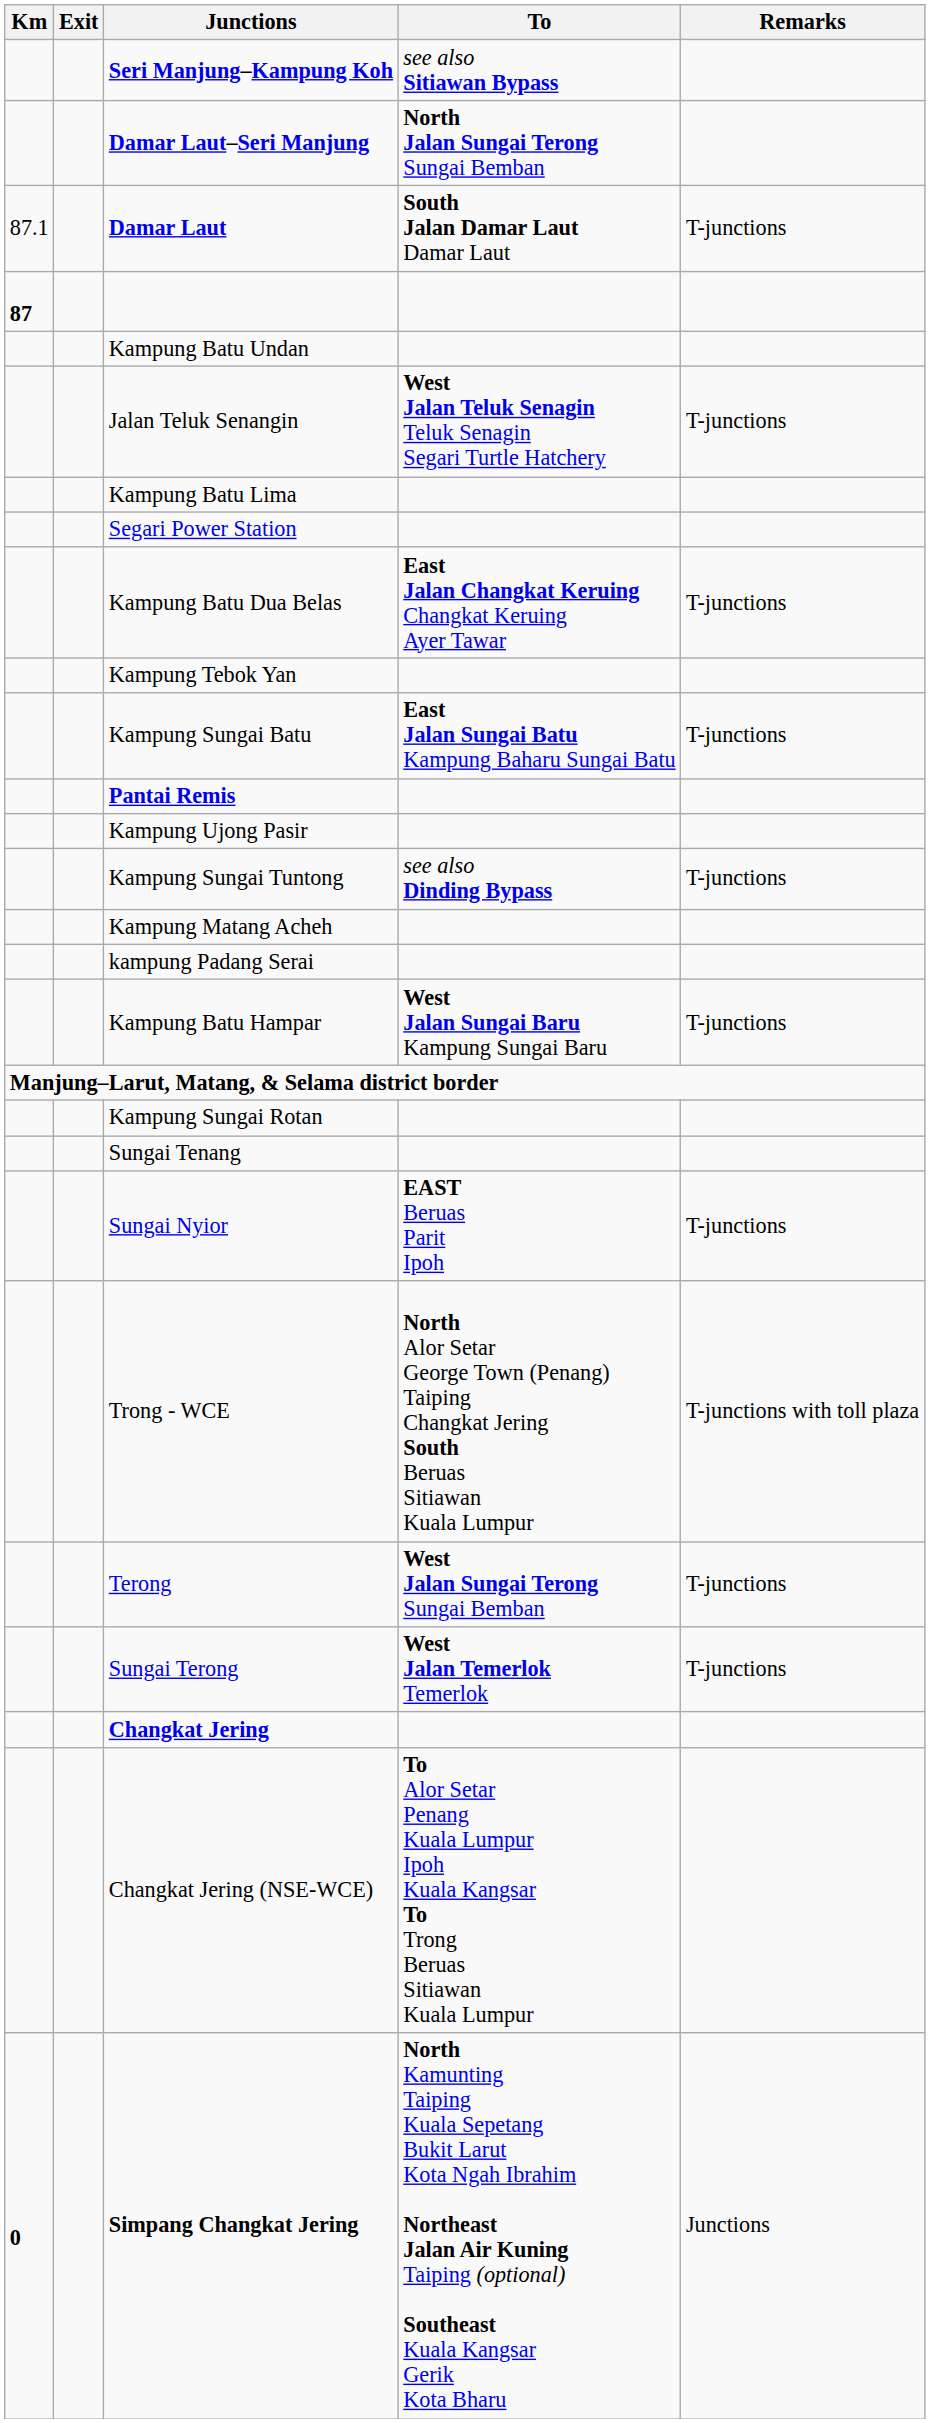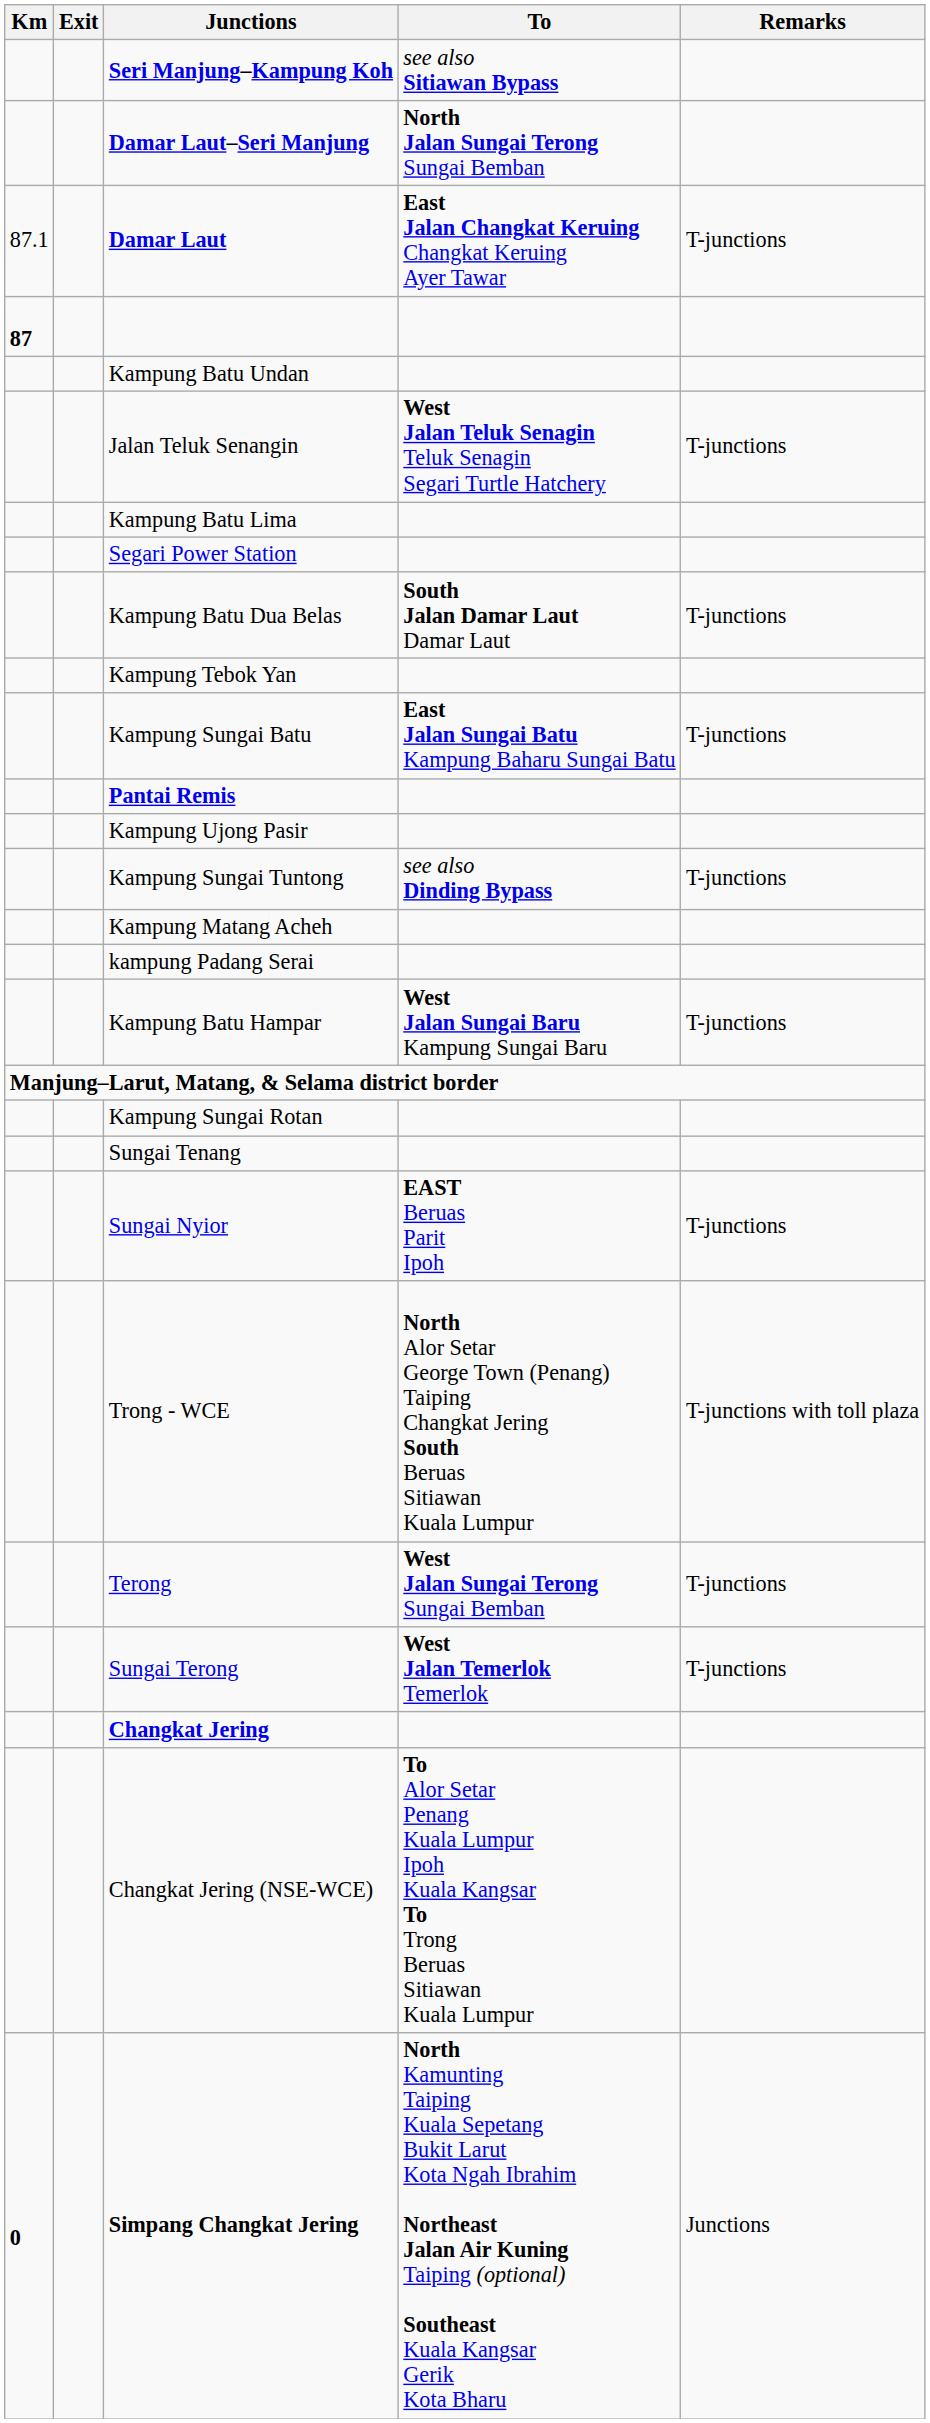 <table class="wikitable">
 <tr>
 <th>Km</th>
 <th>Exit</th>
 <th>Junctions</th>
 <th>To</th>
 <th>Remarks</th>
 </tr>
 <tr>
 <td></td>
 <td></td>
 <td><strong><a href='#'>Seri Manjung</a>–<a href='#'>Kampung Koh</a></strong></td>
 <td><em>see also</em><br> <strong><a href='#'>Sitiawan Bypass</a></strong></td>
 <td></td>
 </tr>
 <tr>
 <td></td>
 <td></td>
 <td><strong><a href='#'>Damar Laut</a>–<a href='#'>Seri Manjung</a></strong></td>
 <td><strong>North</strong><br> <strong><a href='#'>Jalan Sungai Terong</a></strong><br><a href='#'>Sungai Bemban</a></td>
 <td></td>
 </tr>
 <tr>
 <td>87.1</td>
 <td></td>
 <td><strong><a href='#'>Damar Laut</a></strong></td>
-<td><strong>South</strong><br> <strong>Jalan Damar Laut</strong><br>Damar Laut</td>
+<td><strong>East</strong><br> <strong><a href='#'>Jalan Changkat Keruing</a></strong><br><a href='#'>Changkat Keruing</a><br><a href='#'>Ayer Tawar</a></td>
 <td>T-junctions</td>
 </tr>
 <tr>
 <td><br><strong>87</strong></td>
 <td></td>
 <td></td>
 <td></td>
 <td></td>
 </tr>
 <tr>
 <td></td>
 <td></td>
 <td>Kampung Batu Undan</td>
 <td></td>
 <td></td>
 </tr>
 <tr>
 <td></td>
 <td></td>
 <td>Jalan Teluk Senangin</td>
 <td><strong>West</strong><br> <strong><a href='#'>Jalan Teluk Senagin</a></strong><br><a href='#'>Teluk Senagin</a><br><a href='#'>Segari Turtle Hatchery</a></td>
 <td>T-junctions</td>
 </tr>
 <tr>
 <td></td>
 <td></td>
 <td>Kampung Batu Lima</td>
 <td></td>
 <td></td>
 </tr>
 <tr>
 <td></td>
 <td></td>
 <td><a href='#'>Segari Power Station</a></td>
 <td></td>
 <td></td>
 </tr>
 <tr>
 <td></td>
 <td></td>
 <td>Kampung Batu Dua Belas</td>
-<td><strong>East</strong><br> <strong><a href='#'>Jalan Changkat Keruing</a></strong><br><a href='#'>Changkat Keruing</a><br><a href='#'>Ayer Tawar</a></td>
+<td><strong>South</strong><br> <strong>Jalan Damar Laut</strong><br>Damar Laut</td>
 <td>T-junctions</td>
 </tr>
 <tr>
 <td></td>
 <td></td>
 <td>Kampung Tebok Yan</td>
 <td></td>
 <td></td>
 </tr>
 <tr>
 <td></td>
 <td></td>
 <td>Kampung Sungai Batu</td>
 <td><strong>East</strong><br> <strong><a href='#'>Jalan Sungai Batu</a></strong><br><a href='#'>Kampung Baharu Sungai Batu</a></td>
 <td>T-junctions</td>
 </tr>
 <tr>
 <td></td>
 <td></td>
 <td><strong><a href='#'>Pantai Remis</a></strong></td>
 <td></td>
 <td></td>
 </tr>
 <tr>
 <td></td>
 <td></td>
 <td>Kampung Ujong Pasir</td>
 <td></td>
 <td></td>
 </tr>
 <tr>
 <td></td>
 <td></td>
 <td>Kampung Sungai Tuntong</td>
 <td><em>see also</em><br> <strong><a href='#'>Dinding Bypass</a></strong></td>
 <td>T-junctions</td>
 </tr>
 <tr>
 <td></td>
 <td></td>
 <td>Kampung Matang Acheh</td>
 <td></td>
 <td></td>
 </tr>
 <tr>
 <td></td>
 <td></td>
 <td>kampung Padang Serai</td>
 <td></td>
 <td></td>
 </tr>
 <tr>
 <td></td>
 <td></td>
 <td>Kampung Batu Hampar</td>
 <td><strong>West</strong><br> <strong><a href='#'>Jalan Sungai Baru</a></strong><br>Kampung Sungai Baru</td>
 <td>T-junctions</td>
 </tr>
 <tr>
 <td style="width:600px" colspan="6" style="text-align:center; background:blue;"><strong><span>Manjung–Larut, Matang, & Selama district border</span></strong></td>
 </tr>
 <tr>
 <td></td>
 <td></td>
 <td>Kampung Sungai Rotan</td>
 <td></td>
 <td></td>
 </tr>
 <tr>
 <td></td>
 <td></td>
 <td>Sungai Tenang</td>
 <td></td>
 <td></td>
 </tr>
 <tr>
 <td></td>
 <td></td>
 <td><a href='#'>Sungai Nyior</a></td>
 <td><strong>EAST</strong><br> <a href='#'>Beruas</a><br> <a href='#'>Parit</a><br> <a href='#'>Ipoh</a></td>
 <td>T-junctions</td>
 </tr>
 <tr>
 <td></td>
 <td></td>
 <td>Trong - WCE</td>
 <td><strong></strong><br><strong>North</strong><br> Alor Setar <br> George Town (Penang) <br> Taiping <br> Changkat Jering<br><strong>South</strong><br> Beruas <br> Sitiawan <br> Kuala Lumpur</td>
 <td>T-junctions with toll plaza</td>
 </tr>
 <tr>
 <td></td>
 <td></td>
 <td><a href='#'>Terong</a></td>
 <td><strong>West</strong><br> <strong><a href='#'>Jalan Sungai Terong</a></strong><br><a href='#'>Sungai Bemban</a></td>
 <td>T-junctions</td>
 </tr>
 <tr>
 <td></td>
 <td></td>
 <td><a href='#'>Sungai Terong</a></td>
 <td><strong>West</strong><br> <strong><a href='#'>Jalan Temerlok</a></strong><br><a href='#'>Temerlok</a></td>
 <td>T-junctions</td>
 </tr>
 <tr>
 <td></td>
 <td></td>
 <td><strong><a href='#'>Changkat Jering</a></strong></td>
 <td></td>
 <td></td>
 </tr>
 <tr>
 <td></td>
 <td></td>
 <td>Changkat Jering (NSE-WCE)</td>
 <td><strong>To </strong> <strong></strong> <br><a href='#'>Alor Setar</a><br><a href='#'>Penang</a><br><a href='#'>Kuala Lumpur</a><br><a href='#'>Ipoh</a><br><a href='#'>Kuala Kangsar</a><br><strong>To</strong> <strong></strong><br> Trong<br>Beruas<br>Sitiawan<br>Kuala Lumpur</td>
 <td></td>
 </tr>
 <tr>
 <td><br><strong>0</strong></td>
 <td></td>
 <td><strong>Simpang Changkat Jering</strong></td>
 <td><strong>North</strong><br> <a href='#'>Kamunting</a><br> <a href='#'>Taiping</a><br> <a href='#'>Kuala Sepetang</a><br> <a href='#'>Bukit Larut</a><br> <a href='#'>Kota Ngah Ibrahim</a><br><br><strong>Northeast</strong><br> <strong>Jalan Air Kuning</strong><br><a href='#'>Taiping</a> <em>(optional)</em><br><br><strong>Southeast</strong><br> <a href='#'>Kuala Kangsar</a><br> <a href='#'>Gerik</a><br> <a href='#'>Kota Bharu</a></td>
 <td>Junctions</td>
 </tr>
 </table>
